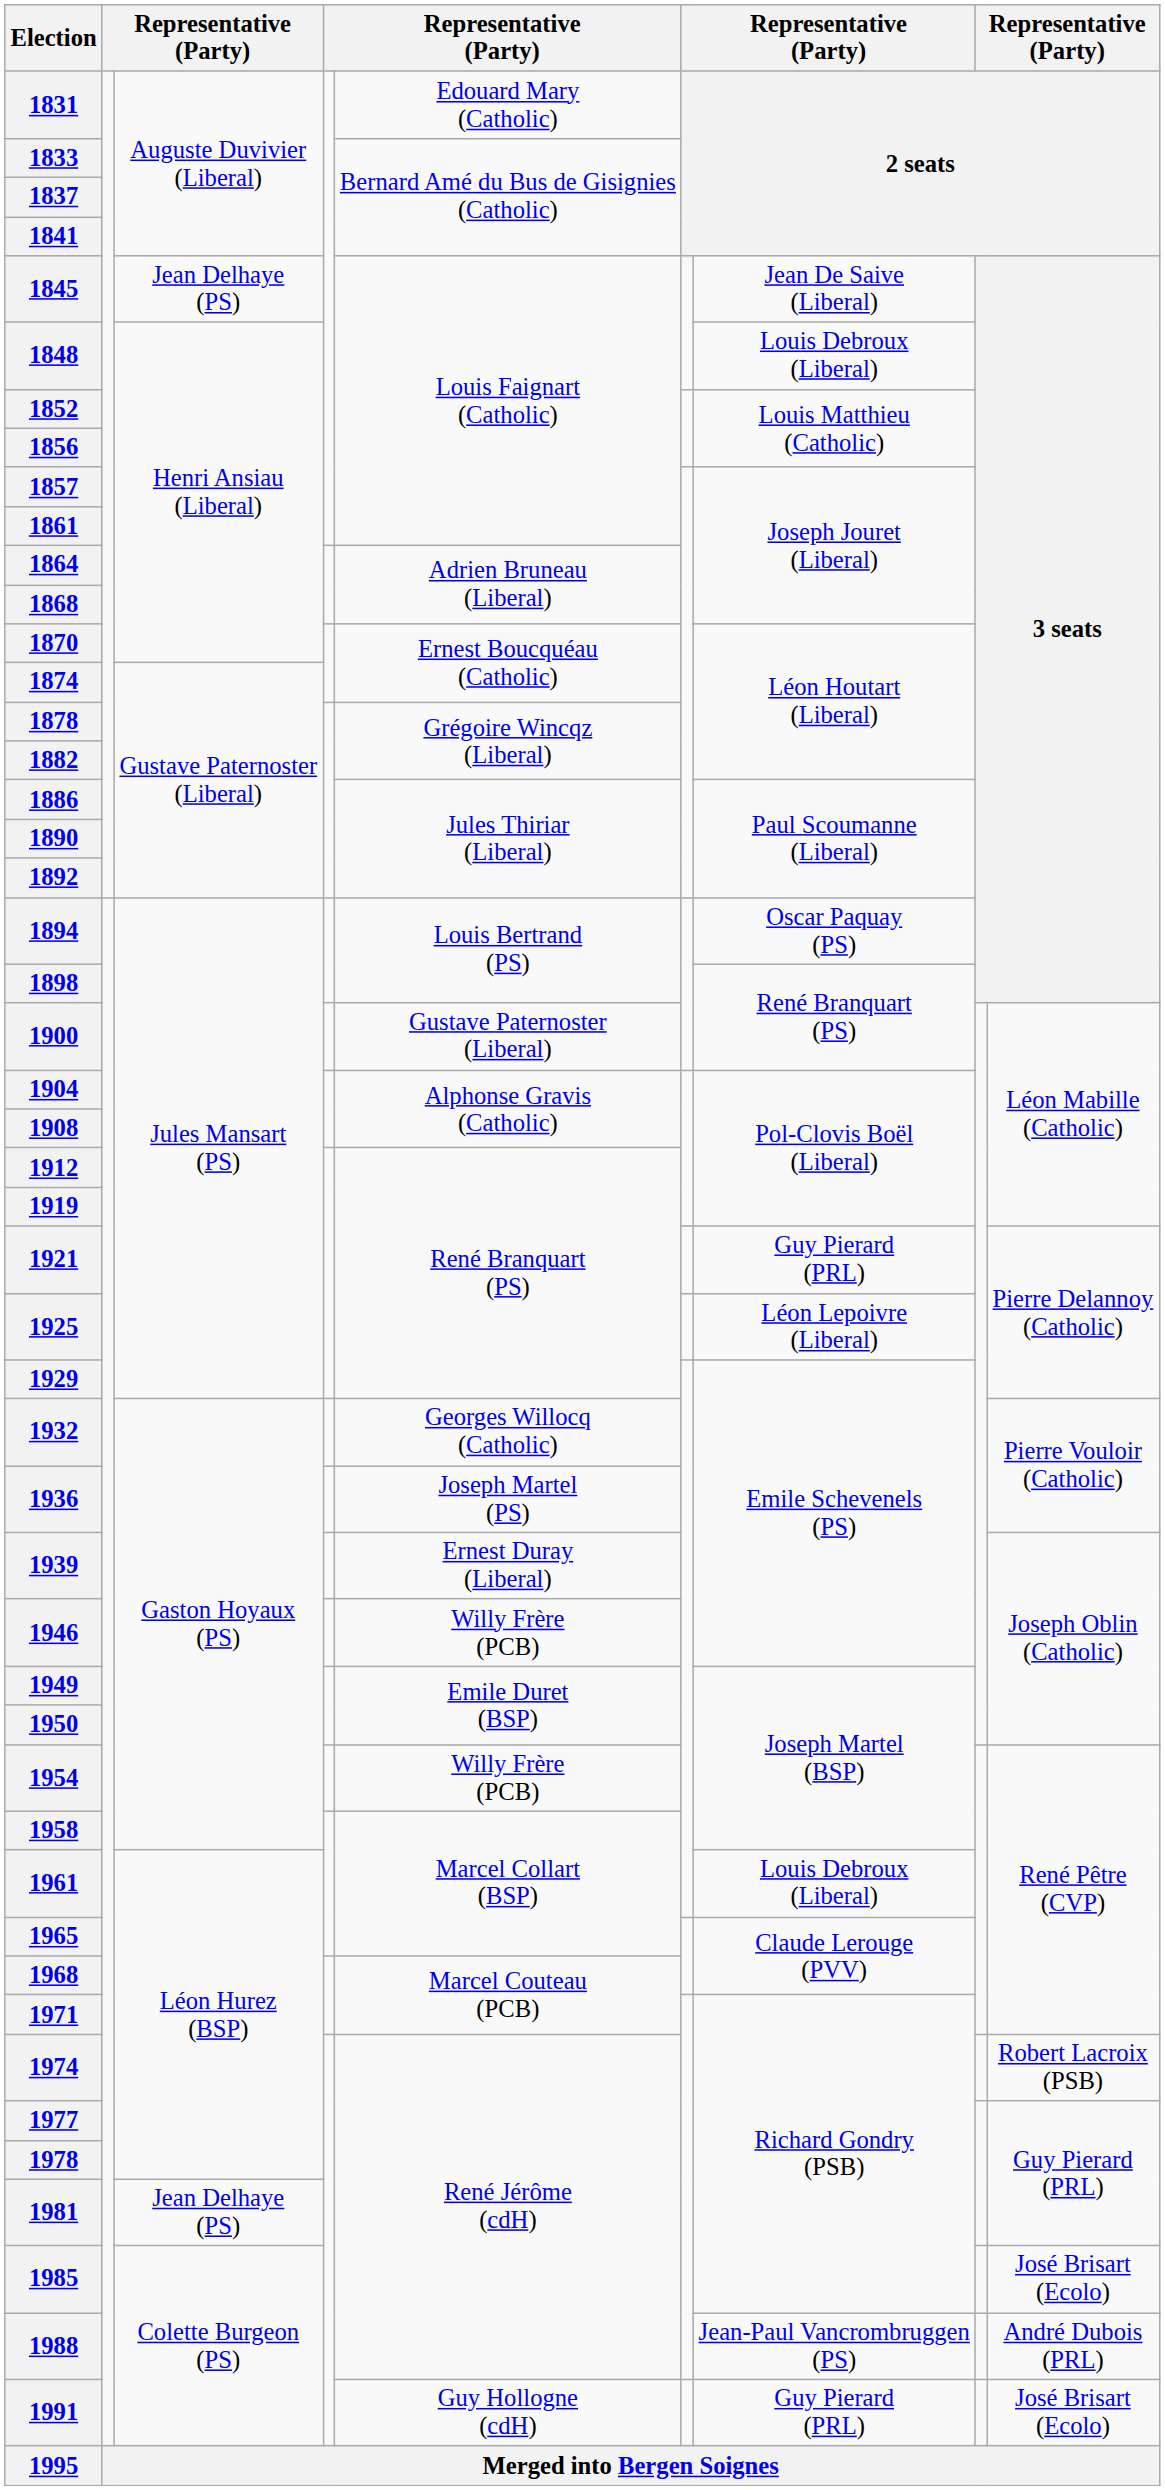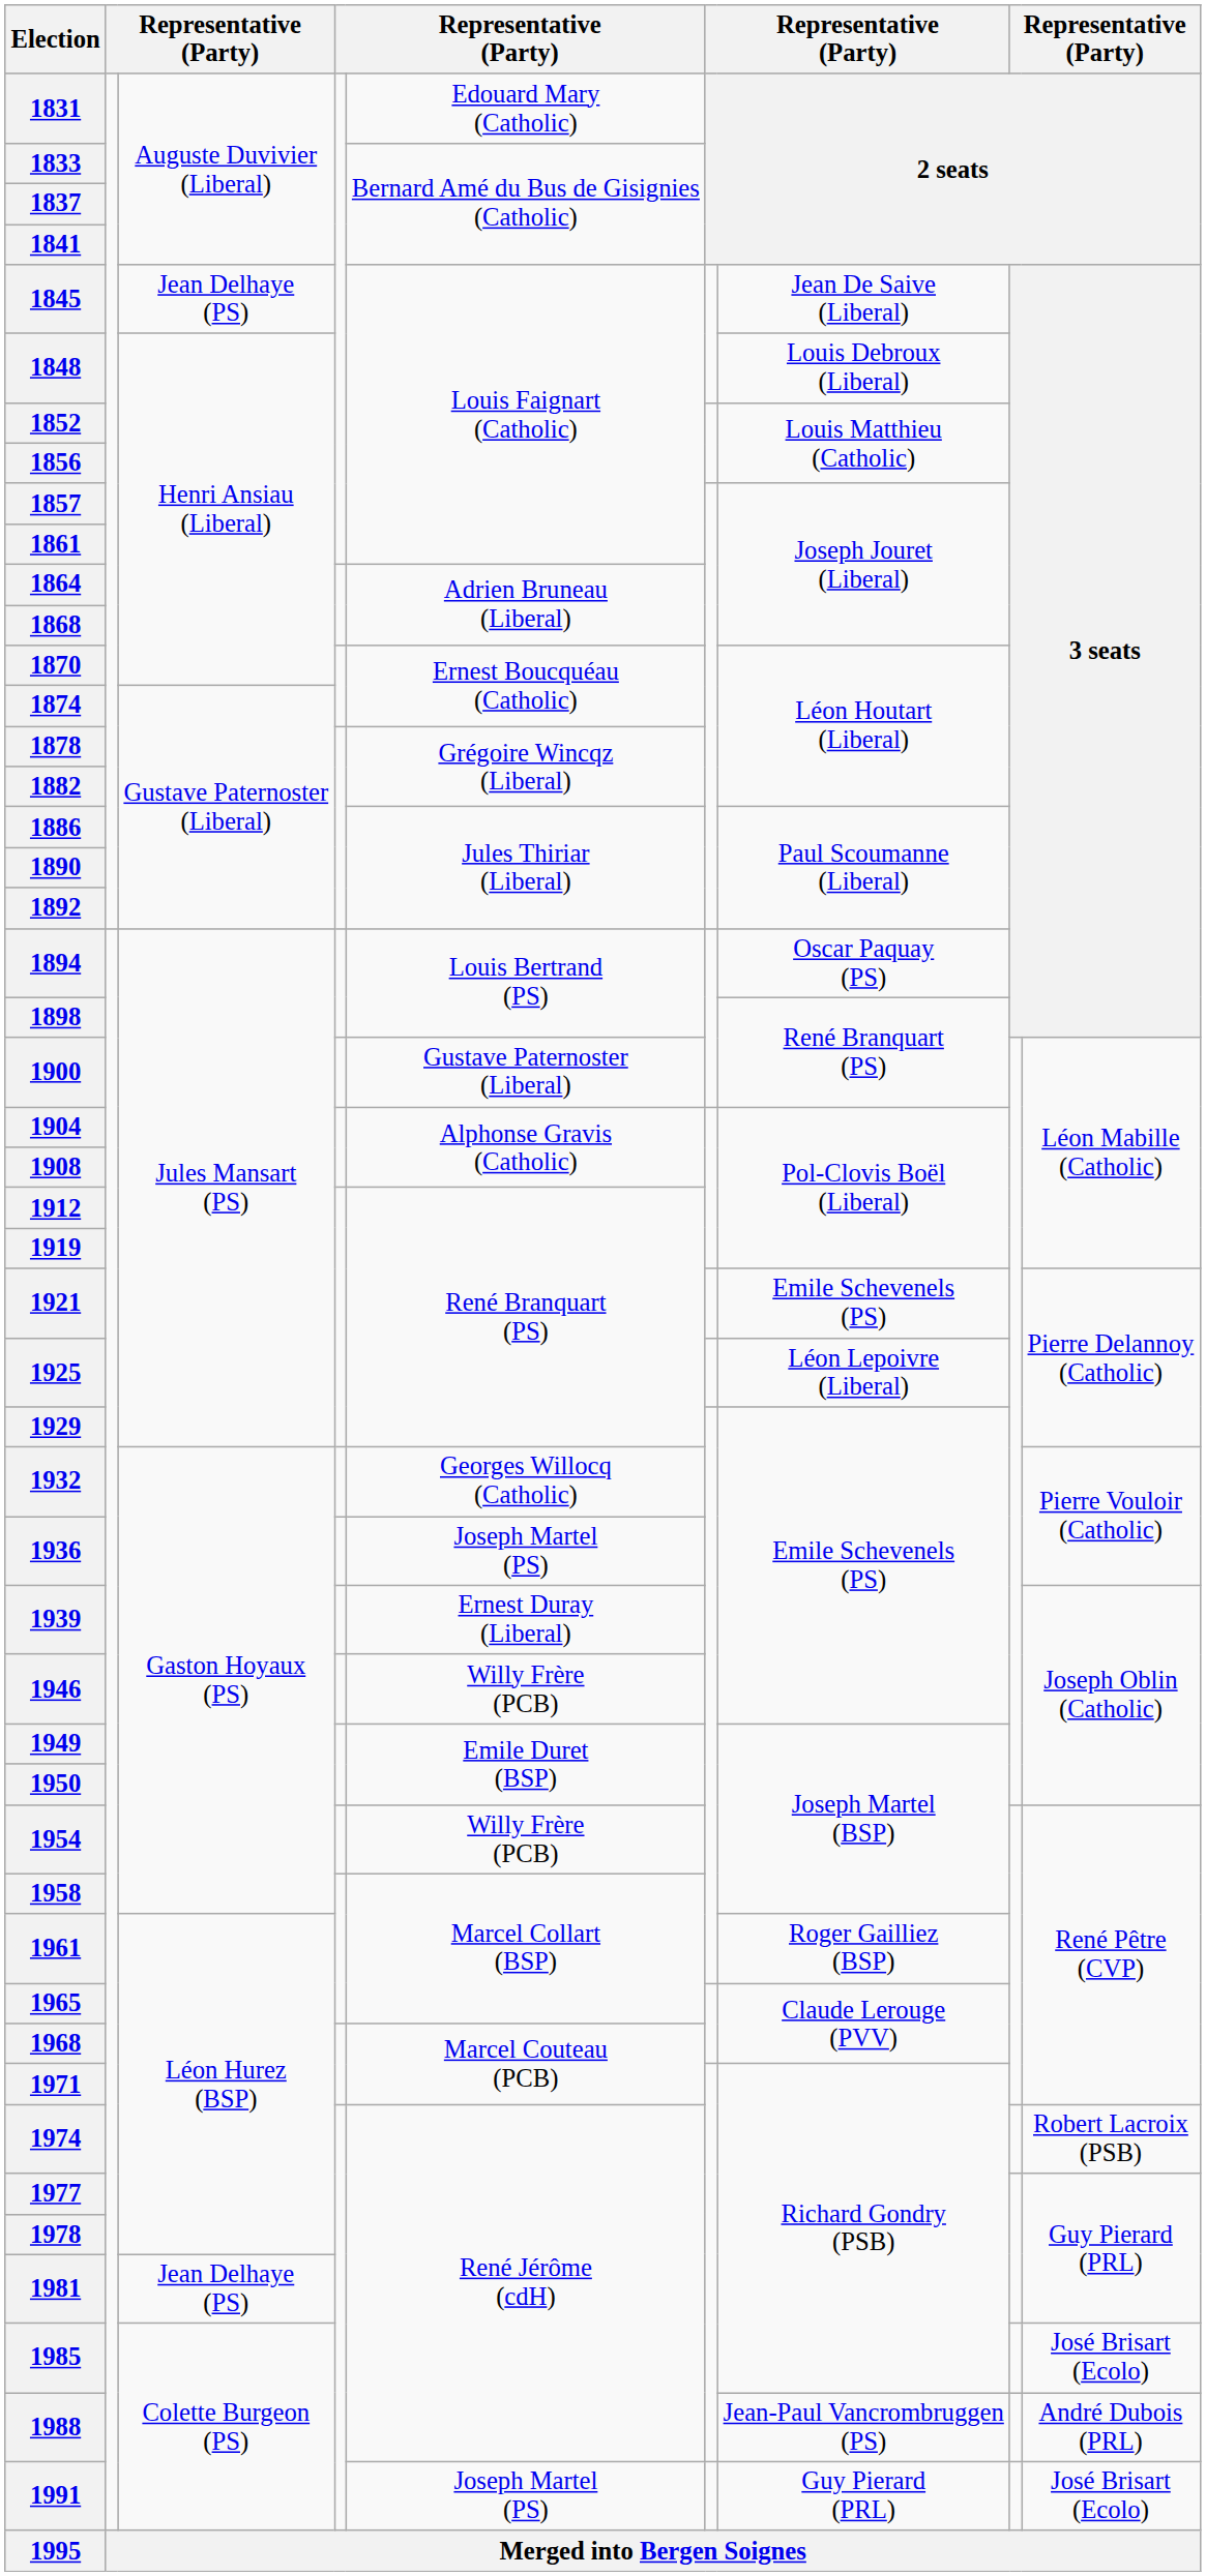 <table class="wikitable" style="text-align:center">
 <tr>
 <th>Election</th>
 <th colspan=2>Representative<br>(Party)</th>
 <th colspan=2>Representative<br>(Party)</th>
 <th colspan=2>Representative<br>(Party)</th>
 <th colspan=2>Representative<br>(Party)</th>
 </tr>
 <tr>
 <th><a href='#'>1831</a></th>
 <td rowspan=19; style="background-color: "></td>
 <td rowspan=4><a href='#'>Auguste Duvivier</a><br>(<a href='#'>Liberal</a>)</td>
 <td rowspan=10; style="background-color: "></td>
 <td rowspan=1><a href='#'>Edouard Mary</a><br>(<a href='#'>Catholic</a>)</td>
 <th colspan=4; rowspan=4>2 seats</th>
 </tr>
 <tr>
 <th><a href='#'>1833</a></th>
 <td rowspan=3><a href='#'>Bernard Amé du Bus de Gisignies</a><br>(<a href='#'>Catholic</a>)</td>
 </tr>
 <tr>
 <th><a href='#'>1837</a></th>
 </tr>
 <tr>
 <th><a href='#'>1841</a></th>
 </tr>
 <tr>
 <th><a href='#'>1845</a></th>
 <td rowspan=1><a href='#'>Jean Delhaye</a><br>(<a href='#'>PS</a>)</td>
 <td rowspan=6><a href='#'>Louis Faignart</a><br>(<a href='#'>Catholic</a>)</td>
 <td rowspan=2; style="background-color: "></td>
 <td rowspan=1><a href='#'>Jean De Saive</a><br>(<a href='#'>Liberal</a>)</td>
 <th colspan=2; rowspan=17>3 seats</th>
 </tr>
 <tr>
 <th><a href='#'>1848</a></th>
 <td rowspan=8><a href='#'>Henri Ansiau</a><br>(<a href='#'>Liberal</a>)</td>
 <td rowspan=1><a href='#'>Louis Debroux</a><br>(<a href='#'>Liberal</a>)</td>
 </tr>
 <tr>
 <th><a href='#'>1852</a></th>
 <td rowspan=2; style="background-color: "></td>
 <td rowspan=2><a href='#'>Louis Matthieu</a><br>(<a href='#'>Catholic</a>)</td>
 </tr>
 <tr>
 <th><a href='#'>1856</a></th>
 </tr>
 <tr>
 <th><a href='#'>1857</a></th>
 <td rowspan=11; style="background-color: "></td>
 <td rowspan=4><a href='#'>Joseph Jouret</a><br>(<a href='#'>Liberal</a>)</td>
 </tr>
 <tr>
 <th><a href='#'>1861</a></th>
 </tr>
 <tr>
 <th><a href='#'>1864</a></th>
 <td rowspan=2; style="background-color: "></td>
 <td rowspan=2><a href='#'>Adrien Bruneau</a><br>(<a href='#'>Liberal</a>)</td>
 </tr>
 <tr>
 <th><a href='#'>1868</a></th>
 </tr>
 <tr>
 <th><a href='#'>1870</a></th>
 <td rowspan=2; style="background-color: "></td>
 <td rowspan=2><a href='#'>Ernest Boucquéau</a><br>(<a href='#'>Catholic</a>)</td>
 <td rowspan=4><a href='#'>Léon Houtart</a><br>(<a href='#'>Liberal</a>)</td>
 </tr>
 <tr>
 <th><a href='#'>1874</a></th>
 <td rowspan=6><a href='#'>Gustave Paternoster</a><br>(<a href='#'>Liberal</a>)</td>
 </tr>
 <tr>
 <th><a href='#'>1878</a></th>
 <td rowspan=5; style="background-color: "></td>
 <td rowspan=2><a href='#'>Grégoire Wincqz</a><br>(<a href='#'>Liberal</a>)</td>
 </tr>
 <tr>
 <th><a href='#'>1882</a></th>
 </tr>
 <tr>
 <th><a href='#'>1886</a></th>
 <td rowspan=3><a href='#'>Jules Thiriar</a><br>(<a href='#'>Liberal</a>)</td>
 <td rowspan=3><a href='#'>Paul Scoumanne</a><br>(<a href='#'>Liberal</a>)</td>
 </tr>
 <tr>
 <th><a href='#'>1890</a></th>
 </tr>
 <tr>
 <th><a href='#'>1892</a></th>
 </tr>
 <tr>
 <th><a href='#'>1894</a></th>
 <td rowspan=29; style="background-color: "></td>
 <td rowspan=10><a href='#'>Jules Mansart</a><br>(<a href='#'>PS</a>)</td>
 <td rowspan=2; style="background-color: "></td>
 <td rowspan=2><a href='#'>Louis Bertrand</a><br>(<a href='#'>PS</a>)</td>
 <td rowspan=3; style="background-color: "></td>
 <td rowspan=1><a href='#'>Oscar Paquay</a><br>(<a href='#'>PS</a>)</td>
 </tr>
 <tr>
 <th><a href='#'>1898</a></th>
 <td rowspan=2><a href='#'>René Branquart</a><br>(<a href='#'>PS</a>)</td>
 </tr>
 <tr>
 <th><a href='#'>1900</a></th>
 <td rowspan=1; style="background-color: "></td>
 <td rowspan=1><a href='#'>Gustave Paternoster</a><br>(<a href='#'>Liberal</a>)</td>
 <td rowspan=14; style="background-color: "></td>
 <td rowspan=5><a href='#'>Léon Mabille</a><br>(<a href='#'>Catholic</a>)</td>
 </tr>
 <tr>
 <th><a href='#'>1904</a></th>
 <td rowspan=2; style="background-color: "></td>
 <td rowspan=2><a href='#'>Alphonse Gravis</a><br>(<a href='#'>Catholic</a>)</td>
 <td rowspan=4; style="background-color: "></td>
 <td rowspan=4><a href='#'>Pol-Clovis Boël</a><br>(<a href='#'>Liberal</a>)</td>
 </tr>
 <tr>
 <th><a href='#'>1908</a></th>
 </tr>
 <tr>
 <th><a href='#'>1912</a></th>
 <td rowspan=5; style="background-color: "></td>
 <td rowspan=5><a href='#'>René Branquart</a><br>(<a href='#'>PS</a>)</td>
 </tr>
 <tr>
 <th><a href='#'>1919</a></th>
 </tr>
 <tr>
 <th><a href='#'>1921</a></th>
 <td rowspan=1; style="background-color: "></td>
-<td rowspan=1><a href='#'>Guy Pierard</a><br>(<a href='#'>PRL</a>)</td>
+<td rowspan=1><a href='#'>Emile Schevenels</a><br>(<a href='#'>PS</a>)</td>
 <td rowspan=3><a href='#'>Pierre Delannoy</a><br>(<a href='#'>Catholic</a>)</td>
 </tr>
 <tr>
 <th><a href='#'>1925</a></th>
 <td rowspan=1; style="background-color: "></td>
 <td rowspan=1><a href='#'>Léon Lepoivre</a><br>(<a href='#'>Liberal</a>)</td>
 </tr>
 <tr>
 <th><a href='#'>1929</a></th>
 <td rowspan=10; style="background-color: "></td>
 <td rowspan=5><a href='#'>Emile Schevenels</a><br>(<a href='#'>PS</a>)</td>
 </tr>
 <tr>
 <th><a href='#'>1932</a></th>
 <td rowspan=8><a href='#'>Gaston Hoyaux</a><br>(<a href='#'>PS</a>)</td>
 <td rowspan=1; style="background-color: "></td>
 <td rowspan=1><a href='#'>Georges Willocq</a><br>(<a href='#'>Catholic</a>)</td>
 <td rowspan=2><a href='#'>Pierre Vouloir</a><br>(<a href='#'>Catholic</a>)</td>
 </tr>
 <tr>
 <th><a href='#'>1936</a></th>
 <td rowspan=1; style="background-color: "></td>
 <td rowspan=1><a href='#'>Joseph Martel</a><br>(<a href='#'>PS</a>)</td>
 </tr>
 <tr>
 <th><a href='#'>1939</a></th>
 <td rowspan=1; style="background-color: "></td>
 <td rowspan=1><a href='#'>Ernest Duray</a><br>(<a href='#'>Liberal</a>)</td>
 <td rowspan=4><a href='#'>Joseph Oblin</a><br>(<a href='#'>Catholic</a>)</td>
 </tr>
 <tr>
 <th><a href='#'>1946</a></th>
 <td rowspan=1; style="background-color: "></td>
 <td rowspan=1><a href='#'>Willy Frère</a><br>(PCB)</td>
 </tr>
 <tr>
 <th><a href='#'>1949</a></th>
 <td rowspan=2; style="background-color: "></td>
 <td rowspan=2><a href='#'>Emile Duret</a><br>(<a href='#'>BSP</a>)</td>
 <td rowspan=4><a href='#'>Joseph Martel</a><br>(<a href='#'>BSP</a>)</td>
 </tr>
 <tr>
 <th><a href='#'>1950</a></th>
 </tr>
 <tr>
 <th><a href='#'>1954</a></th>
 <td rowspan=1; style="background-color: "></td>
 <td rowspan=1><a href='#'>Willy Frère</a><br>(PCB)</td>
 <td rowspan=6; style="background-color: "></td>
 <td rowspan=6><a href='#'>René Pêtre</a><br>(<a href='#'>CVP</a>)</td>
 </tr>
 <tr>
 <th><a href='#'>1958</a></th>
 <td rowspan=3; style="background-color: "></td>
 <td rowspan=3><a href='#'>Marcel Collart</a><br>(<a href='#'>BSP</a>)</td>
 </tr>
 <tr>
 <th><a href='#'>1961</a></th>
 <td rowspan=7><a href='#'>Léon Hurez</a><br>(<a href='#'>BSP</a>)</td>
-<td rowspan=1><a href='#'>Louis Debroux</a><br>(<a href='#'>Liberal</a>)</td>
+<td rowspan=1><a href='#'>Roger Gailliez</a><br>(<a href='#'>BSP</a>)</td>
 </tr>
 <tr>
 <th><a href='#'>1965</a></th>
 <td rowspan=2; style="background-color: "></td>
 <td rowspan=2><a href='#'>Claude Lerouge</a><br>(<a href='#'>PVV</a>)</td>
 </tr>
 <tr>
 <th><a href='#'>1968</a></th>
 <td rowspan=2; style="background-color: "></td>
 <td rowspan=2><a href='#'>Marcel Couteau</a><br>(PCB)</td>
 </tr>
 <tr>
 <th><a href='#'>1971</a></th>
 <td rowspan=7; style="background-color: "></td>
 <td rowspan=6><a href='#'>Richard Gondry</a><br>(PSB)</td>
 </tr>
 <tr>
 <th><a href='#'>1974</a></th>
 <td rowspan=7; style="background-color: "></td>
 <td rowspan=6><a href='#'>René Jérôme</a><br>(<a href='#'>cdH</a>)</td>
 <td rowspan=1; style="background-color: "></td>
 <td rowspan=1><a href='#'>Robert Lacroix</a><br>(PSB)</td>
 </tr>
 <tr>
 <th><a href='#'>1977</a></th>
 <td rowspan=3; style="background-color: "></td>
 <td rowspan=3><a href='#'>Guy Pierard</a><br>(<a href='#'>PRL</a>)</td>
 </tr>
 <tr>
 <th><a href='#'>1978</a></th>
 </tr>
 <tr>
 <th><a href='#'>1981</a></th>
 <td rowspan=1><a href='#'>Jean Delhaye</a><br>(<a href='#'>PS</a>)</td>
 </tr>
 <tr>
 <th><a href='#'>1985</a></th>
 <td rowspan=3><a href='#'>Colette Burgeon</a><br>(<a href='#'>PS</a>)</td>
 <td rowspan=1; style="background-color: "></td>
 <td rowspan=1><a href='#'>José Brisart</a><br>(<a href='#'>Ecolo</a>)</td>
 </tr>
 <tr>
 <th><a href='#'>1988</a></th>
 <td rowspan=1><a href='#'>Jean-Paul Vancrombruggen</a><br>(<a href='#'>PS</a>)</td>
 <td rowspan=1; style="background-color: "></td>
 <td rowspan=1><a href='#'>André Dubois</a><br>(<a href='#'>PRL</a>)</td>
 </tr>
 <tr>
 <th><a href='#'>1991</a></th>
-<td rowspan=1><a href='#'>Guy Hollogne</a><br>(<a href='#'>cdH</a>)</td>
+<td rowspan=1><a href='#'>Joseph Martel</a><br>(<a href='#'>PS</a>)</td>
 <td rowspan=1; style="background-color: "></td>
 <td rowspan=1><a href='#'>Guy Pierard</a><br>(<a href='#'>PRL</a>)</td>
 <td rowspan=1; style="background-color: "></td>
 <td rowspan=1><a href='#'>José Brisart</a><br>(<a href='#'>Ecolo</a>)</td>
 </tr>
 <tr>
 <th><a href='#'>1995</a></th>
 <th colspan=8>Merged into <a href='#'>Bergen Soignes</a></th>
 </tr>
 </table>
